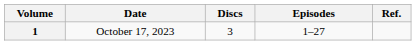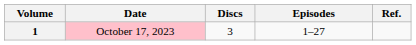 <table class="wikitable" style="text-align:center;">
 <tr>
 <th scope="col" style="width:5em;">Volume</th>
 <th scope="col" style="width:12em;">Date</th>
 <th scope="col" style="width:4em;">Discs</th>
 <th scope="col" style="width:10em;">Episodes</th>
 <th scope="col" style="width:3em;">Ref.</th>
 </tr>
 <tr>
 <th scope="row">1</th>
-<td>October 17, 2023</td>
+<td style="background: pink;">October 17, 2023</td>
 <td rowspan="3">3</td>
 <td>1–27</td>
 <td></td>
 </tr>
 </table>
